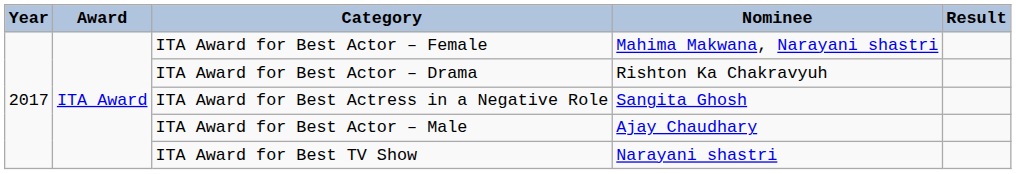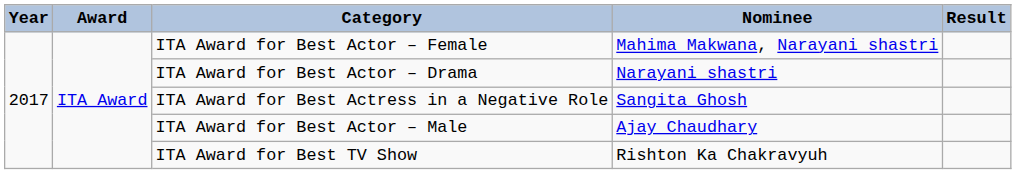 <table class="wikitable sortable">
 <tr>
 <th style="background:#B0C4DE;">Year</th>
 <th style="background:#B0C4DE;">Award</th>
 <th style="background:#B0C4DE;">Category</th>
 <th style="background:#B0C4DE;">Nominee</th>
 <th style="background:#B0C4DE;">Result</th>
 </tr>
 <tr>
 <td rowspan="5">2017</td>
 <td rowspan="5"><a href='#'>ITA Award</a></td>
 <td>ITA Award for Best Actor – Female</td>
 <td><a href='#'>Mahima Makwana</a>, <a href='#'>Narayani shastri</a></td>
 <td></td>
 </tr>
 <tr>
 <td>ITA Award for Best Actor – Drama</td>
-<td>Rishton Ka Chakravyuh</td>
+<td><a href='#'>Narayani shastri</a></td>
 <td></td>
 </tr>
 <tr>
 <td>ITA Award for Best Actress in a Negative Role</td>
 <td><a href='#'>Sangita Ghosh</a></td>
 <td></td>
 </tr>
 <tr>
 <td>ITA Award for Best Actor – Male</td>
 <td><a href='#'>Ajay Chaudhary</a></td>
 <td></td>
 </tr>
 <tr>
 <td>ITA Award for Best TV Show</td>
-<td><a href='#'>Narayani shastri</a></td>
+<td>Rishton Ka Chakravyuh</td>
 <td></td>
 </tr>
 </table>
